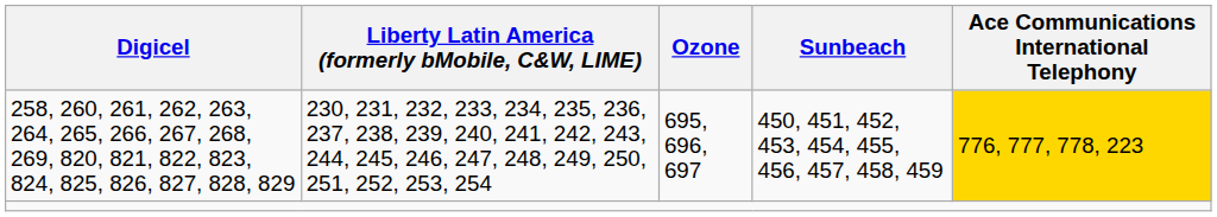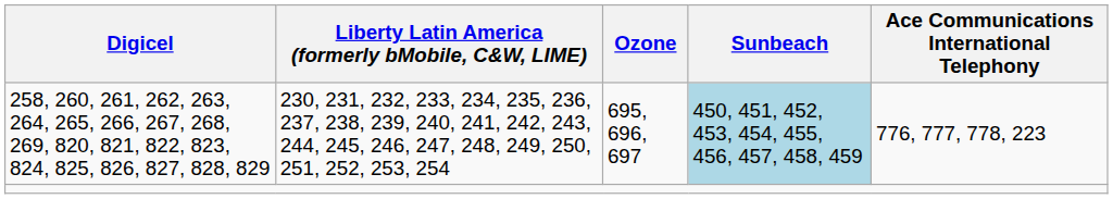 <table class="wikitable">
 <tr>
 <th><a href='#'>Digicel</a></th>
 <th><a href='#'>Liberty Latin America</a><br><em>(formerly bMobile, C&W, LIME)</em></th>
 <th><a href='#'>Ozone</a></th>
 <th><a href='#'>Sunbeach</a></th>
 <th>Ace Communications International Telephony</th>
 </tr>
 <tr>
 <td>258, 260, 261, 262, 263, 264, 265, 266, 267, 268, 269, 820, 821, 822, 823, 824, 825, 826, 827, 828, 829</td>
 <td>230, 231, 232, 233, 234, 235, 236, 237, 238, 239, 240, 241, 242, 243, 244, 245, 246, 247, 248, 249, 250, 251, 252, 253, 254</td>
 <td>695, 696, 697</td>
-<td>450, 451, 452, 453, 454, 455, 456, 457, 458, 459</td>
-<td style="background: gold;">776, 777, 778, 223</td>
+<td style="background: lightblue;">450, 451, 452, 453, 454, 455, 456, 457, 458, 459</td>
+<td>776, 777, 778, 223</td>
 </tr>
 <tr>
 <td colspan="5"><sub></sub></td>
 </tr>
 </table>
